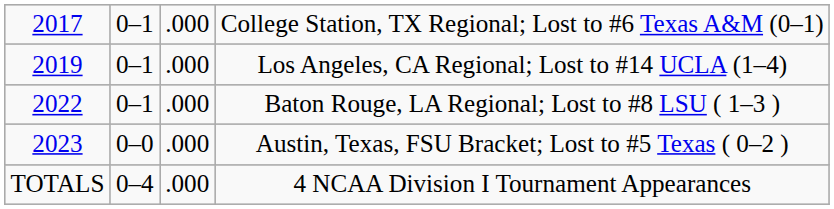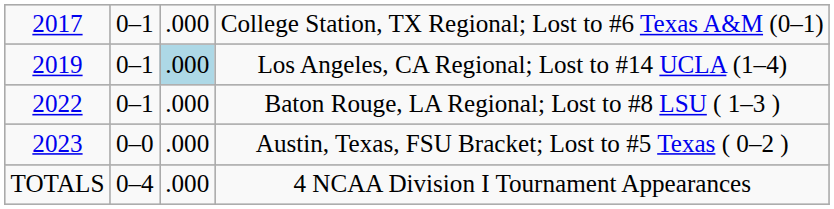 <table class="wikitable sortable" style="text-align:center">
 <tr>
 <td><a href='#'>2017</a></td>
 <td>0–1</td>
 <td>.000</td>
 <td>College Station, TX Regional; Lost to #6 <a href='#'>Texas A&M</a> (0–1)</td>
 </tr>
 <tr>
 <td><a href='#'>2019</a></td>
 <td>0–1</td>
-<td>.000</td>
+<td style="background: lightblue;">.000</td>
 <td>Los Angeles, CA Regional; Lost to #14 <a href='#'>UCLA</a> (1–4)</td>
 </tr>
 <tr>
 <td><a href='#'>2022</a></td>
 <td>0–1</td>
 <td>.000</td>
 <td>Baton Rouge, LA Regional; Lost to #8 <a href='#'>LSU</a> ( 1–3 )</td>
 </tr>
 <tr>
 <td><a href='#'>2023</a></td>
 <td>0–0</td>
 <td>.000</td>
 <td>Austin, Texas, FSU Bracket; Lost to #5 <a href='#'>Texas</a> ( 0–2 )</td>
 </tr>
 <tr class="sortbottom">
 <td>TOTALS</td>
 <td>0–4</td>
 <td>.000</td>
 <td>4 NCAA Division I Tournament Appearances</td>
 </tr>
 </table>
